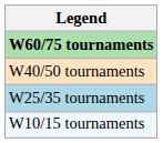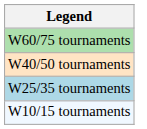 <table class="wikitable" style="font-size:85%;">
 <tr>
 <th>Legend</th>
 </tr>
 <tr style="background:#addfad;">
-<td><strong>W60/75 tournaments</strong></td>
+<td>W60/75 tournaments</td>
 </tr>
 <tr style="background:#ffe4c4;">
 <td>W40/50 tournaments</td>
 </tr>
 <tr style="background:lightblue;">
 <td>W25/35 tournaments</td>
 </tr>
 <tr style="background:#f0f8ff;">
 <td>W10/15 tournaments</td>
 </tr>
 </table>
